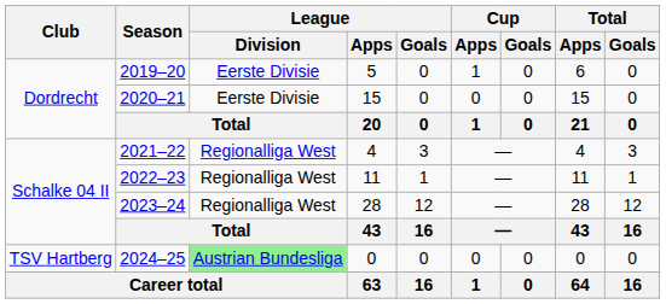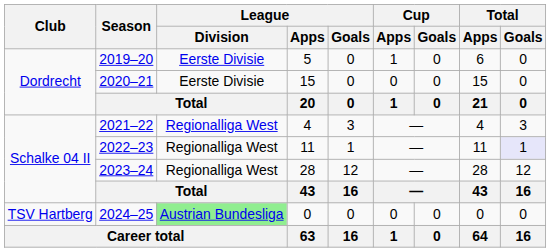 <table class="wikitable" style="text-align:center">
 <tr>
 <th rowspan="2">Club</th>
 <th rowspan="2">Season</th>
 <th colspan="3">League</th>
 <th colspan="2">Cup</th>
 <th colspan="2">Total</th>
 </tr>
 <tr>
 <th>Division</th>
 <th>Apps</th>
 <th>Goals</th>
 <th>Apps</th>
 <th>Goals</th>
 <th>Apps</th>
 <th>Goals</th>
 </tr>
 <tr>
 <td rowspan="3"><a href='#'>Dordrecht</a></td>
 <td><a href='#'>2019–20</a></td>
 <td><a href='#'>Eerste Divisie</a></td>
 <td>5</td>
 <td>0</td>
 <td>1</td>
 <td>0</td>
 <td>6</td>
 <td>0</td>
 </tr>
 <tr>
 <td><a href='#'>2020–21</a></td>
 <td>Eerste Divisie</td>
 <td>15</td>
 <td>0</td>
 <td>0</td>
 <td>0</td>
 <td>15</td>
 <td>0</td>
 </tr>
 <tr>
 <th colspan="2">Total</th>
 <th>20</th>
 <th>0</th>
 <th>1</th>
 <th>0</th>
 <th>21</th>
 <th>0</th>
 </tr>
 <tr>
 <td rowspan="4"><a href='#'>Schalke 04 II</a></td>
 <td><a href='#'>2021–22</a></td>
 <td><a href='#'>Regionalliga West</a></td>
 <td>4</td>
 <td>3</td>
 <td colspan="2">—</td>
 <td>4</td>
 <td>3</td>
 </tr>
 <tr>
 <td><a href='#'>2022–23</a></td>
 <td>Regionalliga West</td>
 <td>11</td>
 <td>1</td>
 <td colspan="2">—</td>
 <td>11</td>
-<td>1</td>
+<td style="background: lavender;">1</td>
 </tr>
 <tr>
 <td><a href='#'>2023–24</a></td>
 <td>Regionalliga West</td>
 <td>28</td>
 <td>12</td>
 <td colspan="2">—</td>
 <td>28</td>
 <td>12</td>
 </tr>
 <tr>
 <th colspan="2">Total</th>
 <th>43</th>
 <th>16</th>
 <th colspan="2">—</th>
 <th>43</th>
 <th>16</th>
 </tr>
 <tr>
 <td><a href='#'>TSV Hartberg</a></td>
 <td><a href='#'>2024–25</a></td>
 <td style="background: lightgreen;"><a href='#'>Austrian Bundesliga</a></td>
 <td>0</td>
 <td>0</td>
 <td>0</td>
 <td>0</td>
 <td>0</td>
 <td>0</td>
 </tr>
 <tr>
 <th colspan="3">Career total</th>
 <th>63</th>
 <th>16</th>
 <th>1</th>
 <th>0</th>
 <th>64</th>
 <th>16</th>
 </tr>
 </table>
